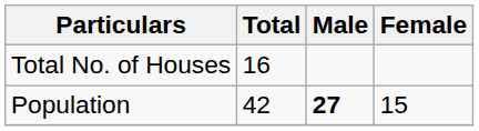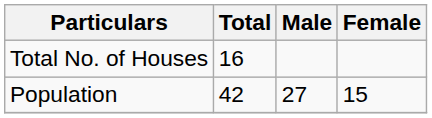 <table class="wikitable sortable">
 <tr>
 <th>Particulars</th>
 <th>Total</th>
 <th>Male</th>
 <th>Female</th>
 </tr>
 <tr>
 <td>Total No. of Houses</td>
 <td>16</td>
 <td></td>
 <td></td>
 </tr>
 <tr>
 <td>Population</td>
 <td>42</td>
-<td><strong>27</strong></td>
+<td>27</td>
 <td>15</td>
 </tr>
 <tr>
 </tr>
 </table>
